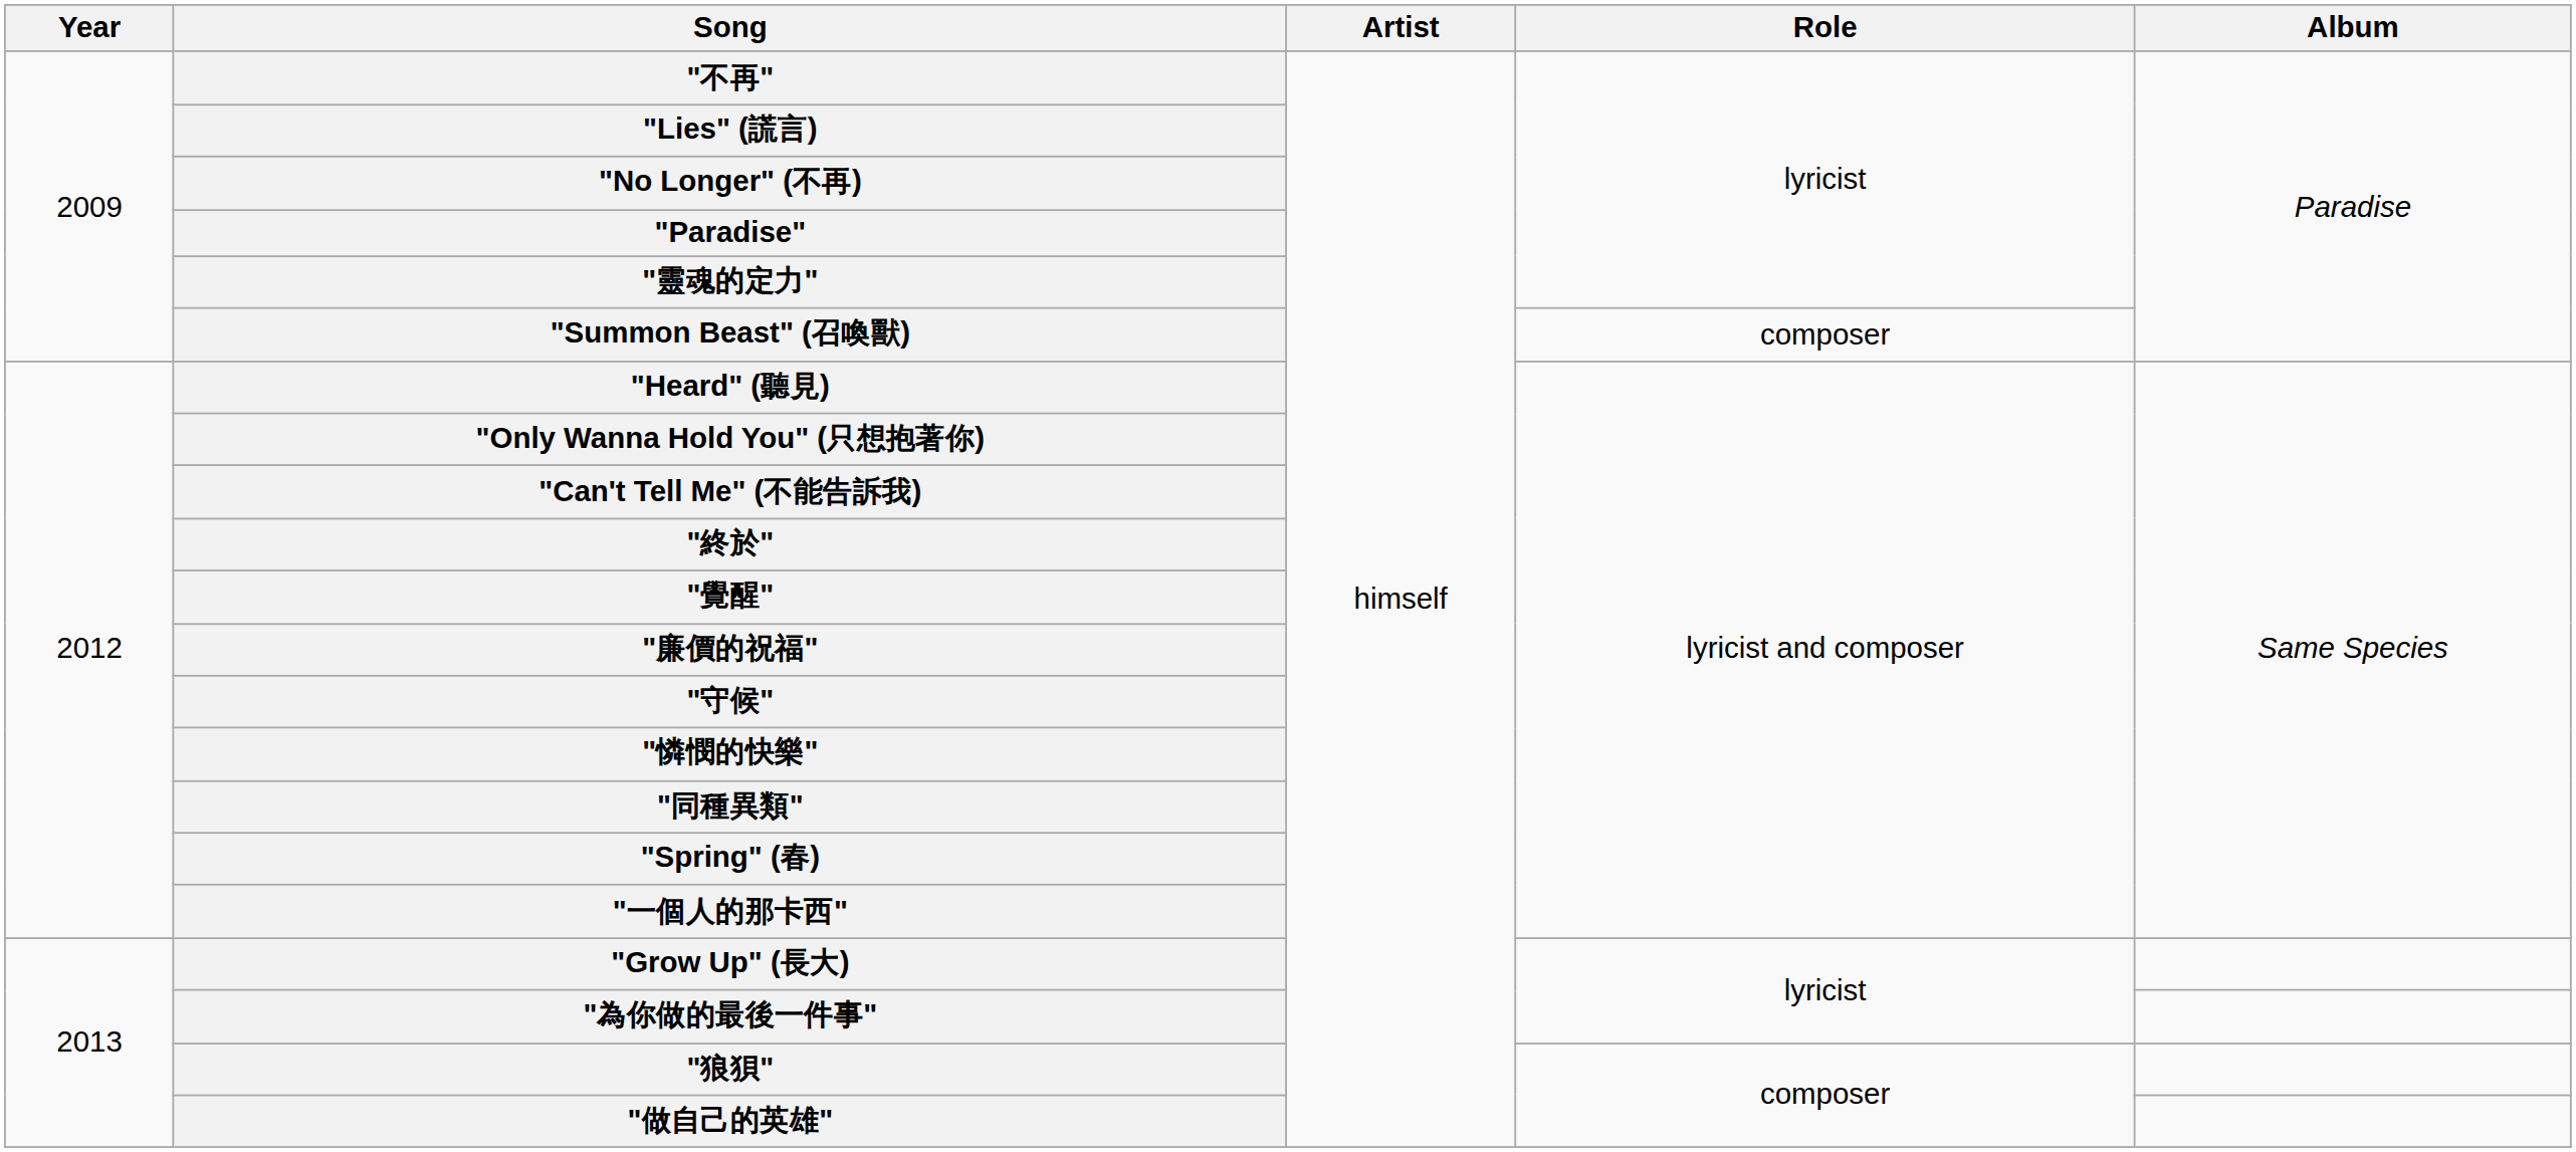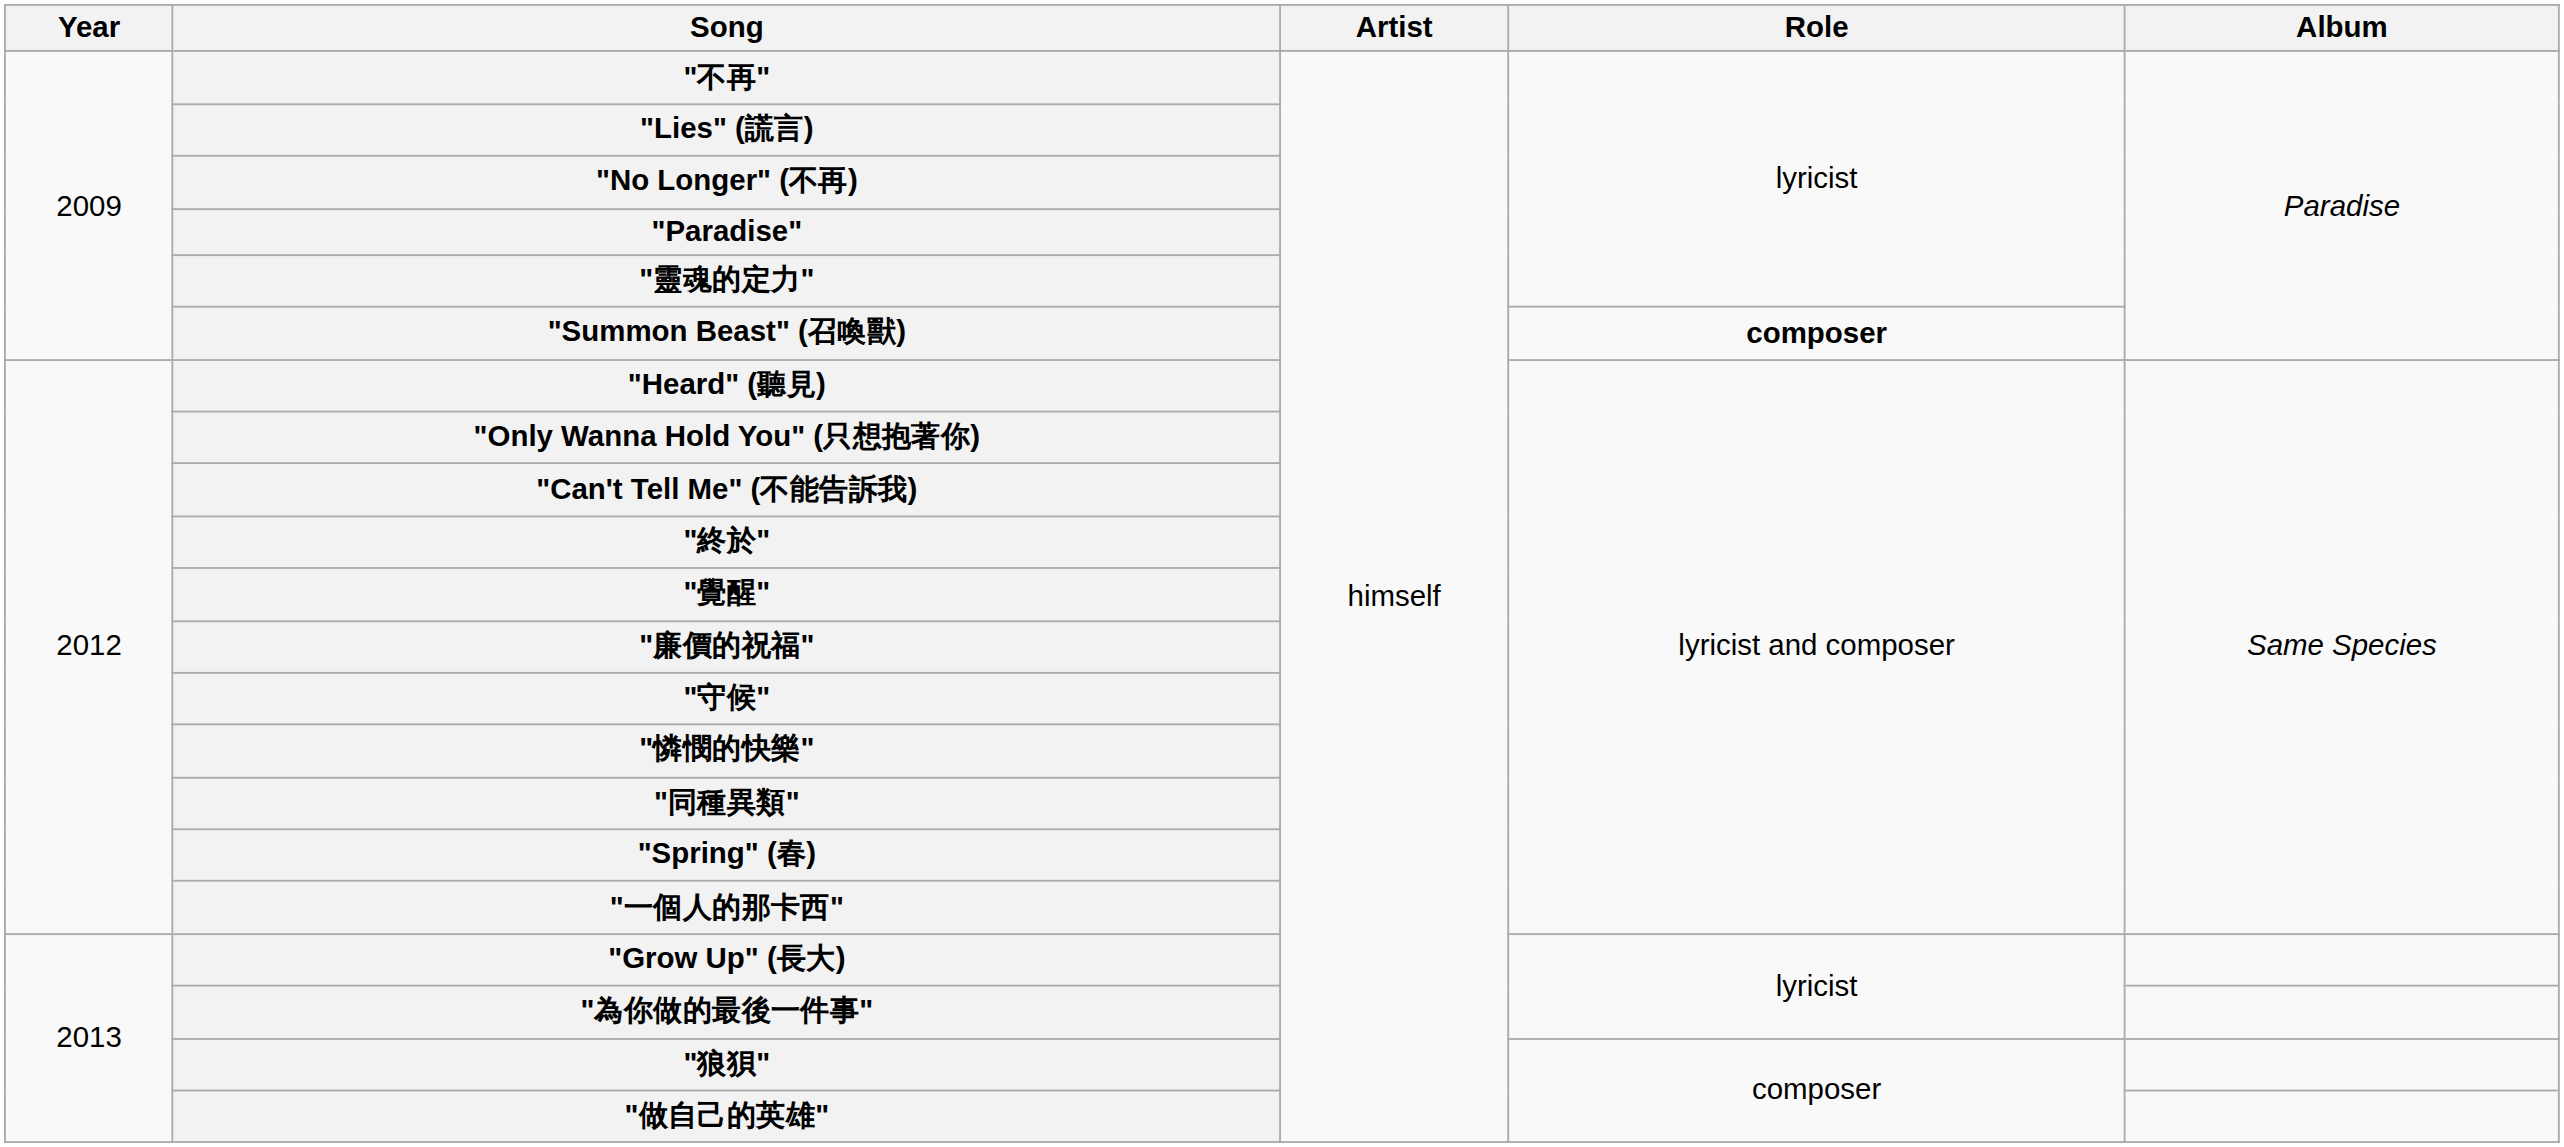 <table class="wikitable plainrowheaders" style="text-align: center; width:70%;">
 <tr>
 <th scope="col">Year</th>
 <th scope="col">Song</th>
 <th scope="col">Artist</th>
 <th scope="col">Role</th>
 <th scope="col">Album</th>
 </tr>
 <tr>
 <td rowspan=6>2009</td>
 <th scope=row>"不再"</th>
 <td rowspan=21>himself</td>
 <td rowspan=5>lyricist</td>
 <td rowspan=6><em>Paradise</em></td>
 </tr>
 <tr>
 <th scope=row>"Lies" (謊言)</th>
 </tr>
 <tr>
 <th scope=row>"No Longer" (不再)</th>
 </tr>
 <tr>
 <th scope=row>"Paradise"</th>
 </tr>
 <tr>
 <th scope=row>"靈魂的定力"</th>
 </tr>
 <tr>
 <th scope=row>"Summon Beast" (召喚獸)</th>
-<td>composer</td>
+<td><strong>composer</strong></td>
 </tr>
 <tr>
 <td rowspan=11>2012</td>
 <th scope=row>"Heard" (聽見)</th>
 <td rowspan=11>lyricist and composer</td>
 <td rowspan=11><em>Same Species</em></td>
 </tr>
 <tr>
 <th scope=row>"Only Wanna Hold You" (只想抱著你)</th>
 </tr>
 <tr>
 <th scope=row>"Can't Tell Me" (不能告訴我)</th>
 </tr>
 <tr>
 <th scope=row>"終於"</th>
 </tr>
 <tr>
 <th scope=row>"覺醒"</th>
 </tr>
 <tr>
 <th scope=row>"廉價的祝福"</th>
 </tr>
 <tr>
 <th scope=row>"守候"</th>
 </tr>
 <tr>
 <th scope=row>"憐憫的快樂"</th>
 </tr>
 <tr>
 <th scope=row>"同種異類"</th>
 </tr>
 <tr>
 <th scope=row>"Spring" (春)</th>
 </tr>
 <tr>
 <th scope=row>"一個人的那卡西"</th>
 </tr>
 <tr>
 <td rowspan=4>2013</td>
 <th scope=row>"Grow Up" (長大)</th>
 <td rowspan=2>lyricist</td>
 <td></td>
 </tr>
 <tr>
 <th scope=row>"為你做的最後一件事"</th>
 <td></td>
 </tr>
 <tr>
 <th scope=row>"狼狽"</th>
 <td rowspan=2>composer</td>
 <td></td>
 </tr>
 <tr>
 <th scope=row>"做自己的英雄"</th>
 <td></td>
 </tr>
 </table>
